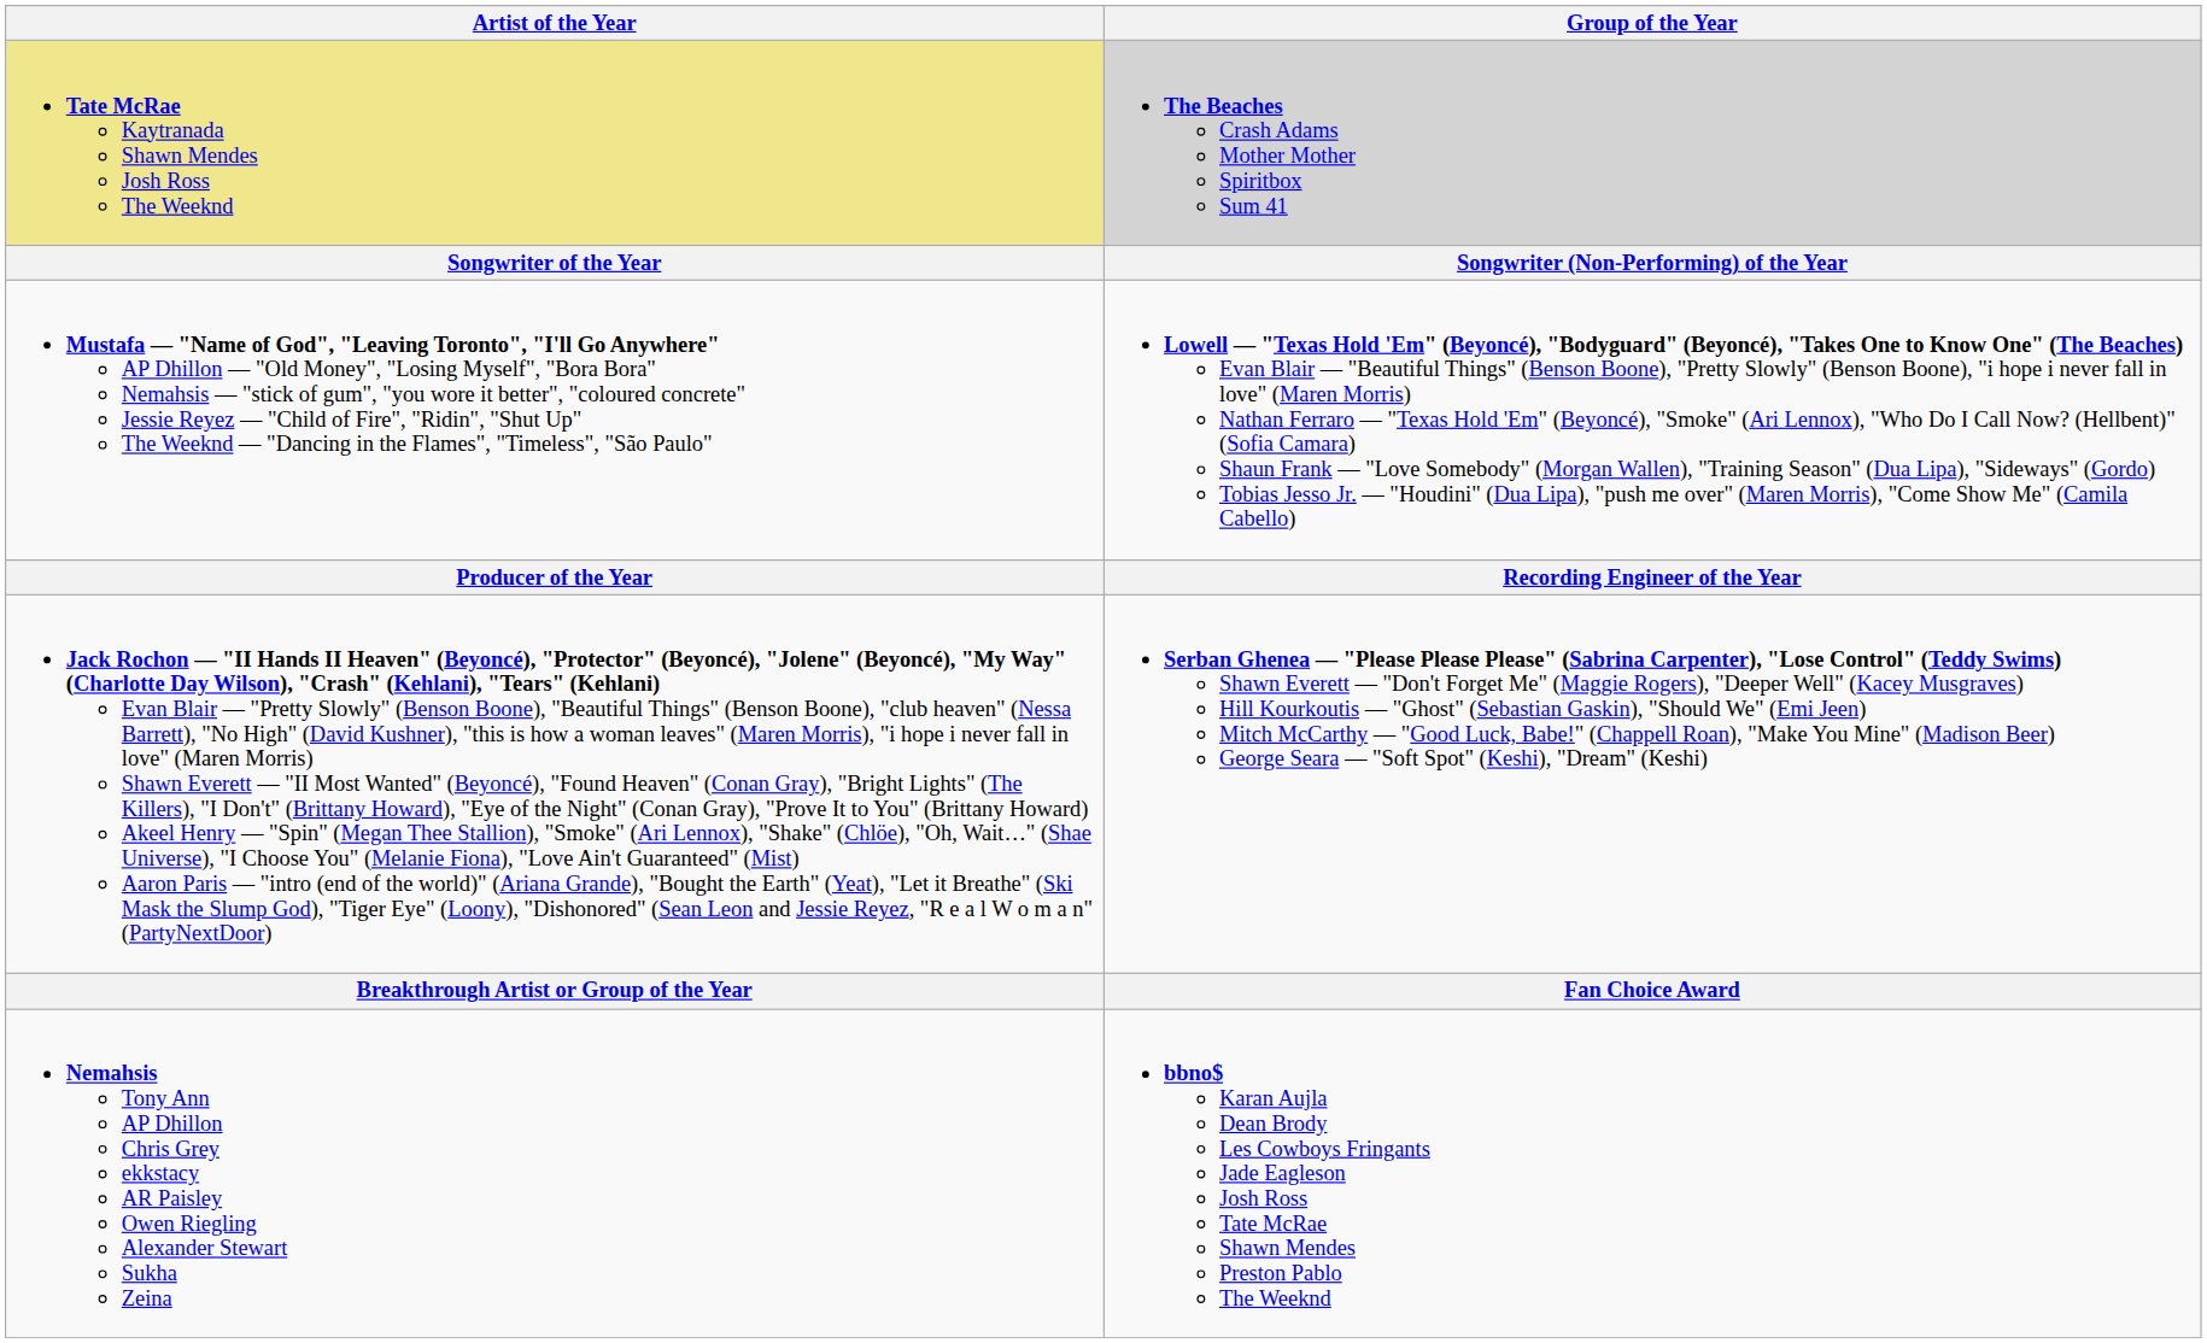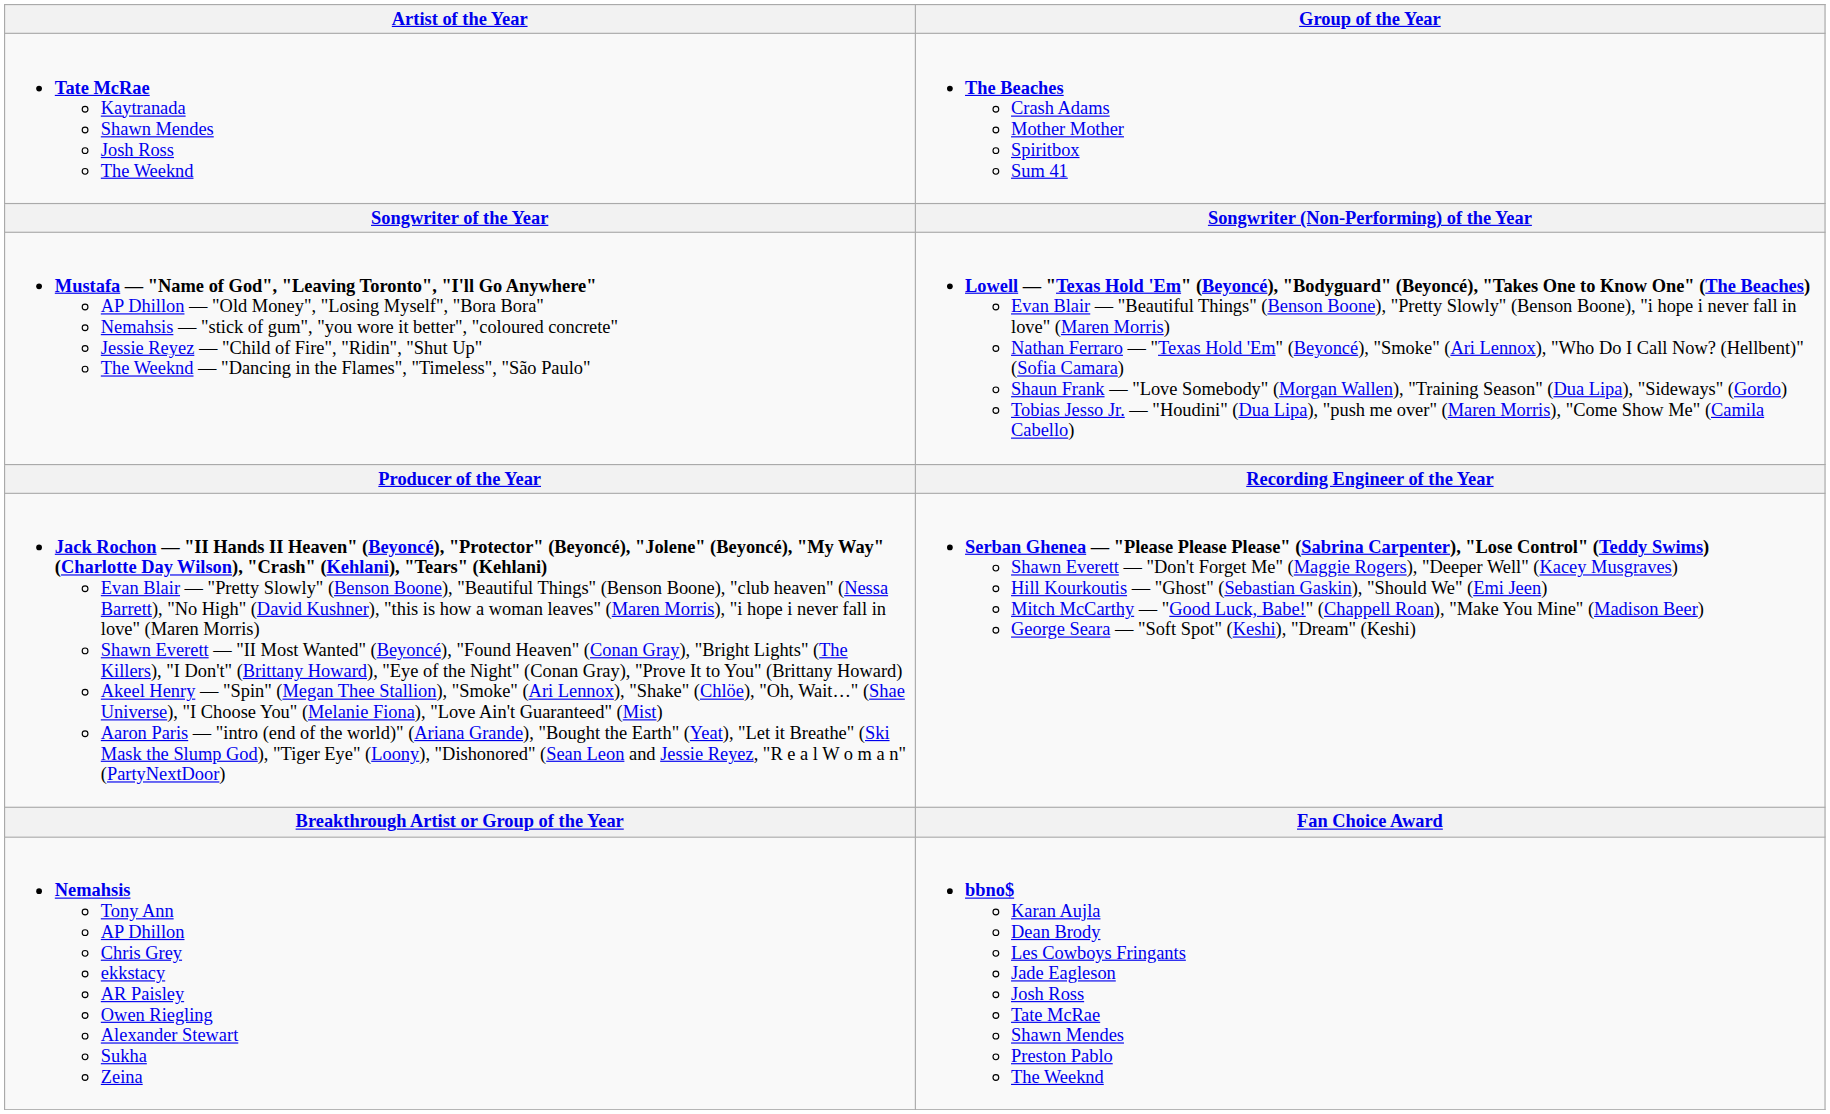 <table class="wikitable" style="width:100%">
 <tr>
 <th style="width:50%"><a href='#'>Artist of the Year</a></th>
 <th style="width:50%"><a href='#'>Group of the Year</a></th>
 </tr>
 <tr>
-<td valign="top" style="background: khaki;"><br><ul><li> <strong><a href='#'>Tate McRae</a></strong><ul><li><a href='#'>Kaytranada</a></li><li><a href='#'>Shawn Mendes</a></li><li><a href='#'>Josh Ross</a></li><li><a href='#'>The Weeknd</a></li></ul></li></ul></td>
-<td valign="top" style="background: lightgrey;"><br><ul><li> <strong><a href='#'>The Beaches</a></strong><ul><li><a href='#'>Crash Adams</a></li><li><a href='#'>Mother Mother</a></li><li><a href='#'>Spiritbox</a></li><li><a href='#'>Sum 41</a></li></ul></li></ul></td>
+<td valign="top"><br><ul><li> <strong><a href='#'>Tate McRae</a></strong><ul><li><a href='#'>Kaytranada</a></li><li><a href='#'>Shawn Mendes</a></li><li><a href='#'>Josh Ross</a></li><li><a href='#'>The Weeknd</a></li></ul></li></ul></td>
+<td valign="top"><br><ul><li> <strong><a href='#'>The Beaches</a></strong><ul><li><a href='#'>Crash Adams</a></li><li><a href='#'>Mother Mother</a></li><li><a href='#'>Spiritbox</a></li><li><a href='#'>Sum 41</a></li></ul></li></ul></td>
 </tr>
 <tr>
 <th style="width:50%"><a href='#'>Songwriter of the Year</a></th>
 <th style="width:50%"><a href='#'>Songwriter (Non-Performing) of the Year</a></th>
 </tr>
 <tr>
 <td valign="top"><br><ul><li> <strong><a href='#'>Mustafa</a> — "Name of God", "Leaving Toronto", "I'll Go Anywhere"</strong><ul><li><a href='#'>AP Dhillon</a> — "Old Money", "Losing Myself", "Bora Bora"</li><li><a href='#'>Nemahsis</a> — "stick of gum", "you wore it better", "coloured concrete"</li><li><a href='#'>Jessie Reyez</a> — "Child of Fire", "Ridin", "Shut Up"</li><li><a href='#'>The Weeknd</a> — "Dancing in the Flames", "Timeless", "São Paulo"</li></ul></li></ul></td>
 <td valign="top"><br><ul><li> <strong><a href='#'>Lowell</a> — "<a href='#'>Texas Hold 'Em</a>" (<a href='#'>Beyoncé</a>), "Bodyguard" (Beyoncé), "Takes One to Know One" (<a href='#'>The Beaches</a>)</strong><ul><li><a href='#'>Evan Blair</a> — "Beautiful Things" (<a href='#'>Benson Boone</a>), "Pretty Slowly" (Benson Boone), "i hope i never fall in love" (<a href='#'>Maren Morris</a>)</li><li><a href='#'>Nathan Ferraro</a> — "<a href='#'>Texas Hold 'Em</a>" (<a href='#'>Beyoncé</a>), "Smoke" (<a href='#'>Ari Lennox</a>), "Who Do I Call Now? (Hellbent)" (<a href='#'>Sofia Camara</a>)</li><li><a href='#'>Shaun Frank</a> — "Love Somebody" (<a href='#'>Morgan Wallen</a>), "Training Season" (<a href='#'>Dua Lipa</a>), "Sideways" (<a href='#'>Gordo</a>)</li><li><a href='#'>Tobias Jesso Jr.</a> — "Houdini" (<a href='#'>Dua Lipa</a>), "push me over" (<a href='#'>Maren Morris</a>), "Come Show Me" (<a href='#'>Camila Cabello</a>)</li></ul></li></ul></td>
 </tr>
 <tr>
 <th style="width:50%"><a href='#'>Producer of the Year</a></th>
 <th style="width:50%"><a href='#'>Recording Engineer of the Year</a></th>
 </tr>
 <tr>
 <td valign="top"><br><ul><li> <strong><a href='#'>Jack Rochon</a> — "II Hands II Heaven" (<a href='#'>Beyoncé</a>), "Protector" (Beyoncé), "Jolene" (Beyoncé), "My Way" (<a href='#'>Charlotte Day Wilson</a>), "Crash" (<a href='#'>Kehlani</a>), "Tears" (Kehlani)</strong><ul><li><a href='#'>Evan Blair</a> — "Pretty Slowly" (<a href='#'>Benson Boone</a>), "Beautiful Things" (Benson Boone), "club heaven" (<a href='#'>Nessa Barrett</a>), "No High" (<a href='#'>David Kushner</a>), "this is how a woman leaves" (<a href='#'>Maren Morris</a>), "i hope i never fall in love" (Maren Morris)</li><li><a href='#'>Shawn Everett</a> — "II Most Wanted" (<a href='#'>Beyoncé</a>), "Found Heaven" (<a href='#'>Conan Gray</a>), "Bright Lights" (<a href='#'>The Killers</a>), "I Don't" (<a href='#'>Brittany Howard</a>), "Eye of the Night" (Conan Gray), "Prove It to You" (Brittany Howard)</li><li><a href='#'>Akeel Henry</a> — "Spin" (<a href='#'>Megan Thee Stallion</a>), "Smoke" (<a href='#'>Ari Lennox</a>), "Shake" (<a href='#'>Chlöe</a>), "Oh, Wait…" (<a href='#'>Shae Universe</a>), "I Choose You" (<a href='#'>Melanie Fiona</a>), "Love Ain't Guaranteed" (<a href='#'>Mist</a>)</li><li><a href='#'>Aaron Paris</a> — "intro (end of the world)" (<a href='#'>Ariana Grande</a>), "Bought the Earth" (<a href='#'>Yeat</a>), "Let it Breathe" (<a href='#'>Ski Mask the Slump God</a>), "Tiger Eye" (<a href='#'>Loony</a>), "Dishonored" (<a href='#'>Sean Leon</a> and <a href='#'>Jessie Reyez</a>, "R e a l W o m a n" (<a href='#'>PartyNextDoor</a>)</li></ul></li></ul></td>
 <td valign="top"><br><ul><li> <strong><a href='#'>Serban Ghenea</a> — "Please Please Please" (<a href='#'>Sabrina Carpenter</a>), "Lose Control" (<a href='#'>Teddy Swims</a>)</strong><ul><li><a href='#'>Shawn Everett</a> — "Don't Forget Me" (<a href='#'>Maggie Rogers</a>), "Deeper Well" (<a href='#'>Kacey Musgraves</a>)</li><li><a href='#'>Hill Kourkoutis</a> — "Ghost" (<a href='#'>Sebastian Gaskin</a>), "Should We" (<a href='#'>Emi Jeen</a>)</li><li><a href='#'>Mitch McCarthy</a> — "<a href='#'>Good Luck, Babe!</a>" (<a href='#'>Chappell Roan</a>), "Make You Mine" (<a href='#'>Madison Beer</a>)</li><li><a href='#'>George Seara</a> —  "Soft Spot" (<a href='#'>Keshi</a>), "Dream" (Keshi)</li></ul></li></ul></td>
 </tr>
 <tr>
 <th style="width:50%"><a href='#'>Breakthrough Artist or Group of the Year</a></th>
 <th style="width:50%"><a href='#'>Fan Choice Award</a></th>
 </tr>
 <tr>
 <td valign="top"><br><ul><li> <strong><a href='#'>Nemahsis</a></strong><ul><li><a href='#'>Tony Ann</a></li><li><a href='#'>AP Dhillon</a></li><li><a href='#'>Chris Grey</a></li><li><a href='#'>ekkstacy</a></li><li><a href='#'>AR Paisley</a></li><li><a href='#'>Owen Riegling</a></li><li><a href='#'>Alexander Stewart</a></li><li><a href='#'>Sukha</a></li><li><a href='#'>Zeina</a></li></ul></li></ul></td>
 <td valign="top"><br><ul><li> <strong><a href='#'>bbno$</a></strong><ul><li><a href='#'>Karan Aujla</a></li><li><a href='#'>Dean Brody</a></li><li><a href='#'>Les Cowboys Fringants</a></li><li><a href='#'>Jade Eagleson</a></li><li><a href='#'>Josh Ross</a></li><li><a href='#'>Tate McRae</a></li><li><a href='#'>Shawn Mendes</a></li><li><a href='#'>Preston Pablo</a></li><li><a href='#'>The Weeknd</a></li></ul></li></ul></td>
 </tr>
 </table>
